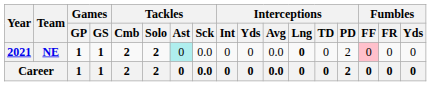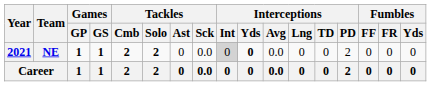 <table class="wikitable" style="text-align:center;">
 <tr>
 <th rowspan="2">Year</th>
 <th rowspan="2">Team</th>
 <th colspan="2">Games</th>
 <th colspan="4">Tackles</th>
 <th colspan="6">Interceptions</th>
 <th colspan="3">Fumbles</th>
 </tr>
 <tr>
 <th>GP</th>
 <th>GS</th>
 <th>Cmb</th>
 <th>Solo</th>
 <th>Ast</th>
 <th>Sck</th>
 <th>Int</th>
 <th>Yds</th>
 <th>Avg</th>
 <th>Lng</th>
 <th>TD</th>
 <th>PD</th>
 <th>FF</th>
 <th>FR</th>
 <th>Yds</th>
 </tr>
 <tr>
 <th><a href='#'>2021</a></th>
 <th><a href='#'>NE</a></th>
 <td><strong>1</strong></td>
 <td><strong>1</strong></td>
 <td><strong>2</strong></td>
 <td><strong>2</strong></td>
-<td style="background: paleturquoise;">0</td>
+<td>0</td>
+<td>0.0</td>
+<td style="background: lightgrey;">0</td>
+<td><strong>0</strong></td>
 <td>0.0</td>
 <td>0</td>
 <td>0</td>
-<td>0.0</td>
-<td><strong>0</strong></td>
+<td>2</td>
 <td>0</td>
-<td>2</td>
-<td style="background: pink;">0</td>
 <td>0</td>
 <td>0</td>
 </tr>
 <tr>
 <th colspan="2">Career</th>
 <th>1</th>
 <th>1</th>
 <th>2</th>
 <th>2</th>
 <th>0</th>
 <th>0.0</th>
 <th>0</th>
 <th>0</th>
 <th>0.0</th>
 <th>0</th>
 <th>0</th>
 <th>2</th>
 <th>0</th>
 <th>0</th>
 <th>0</th>
 </tr>
 </table>
